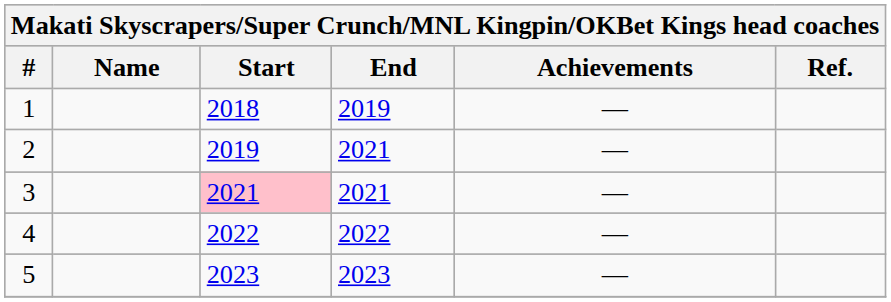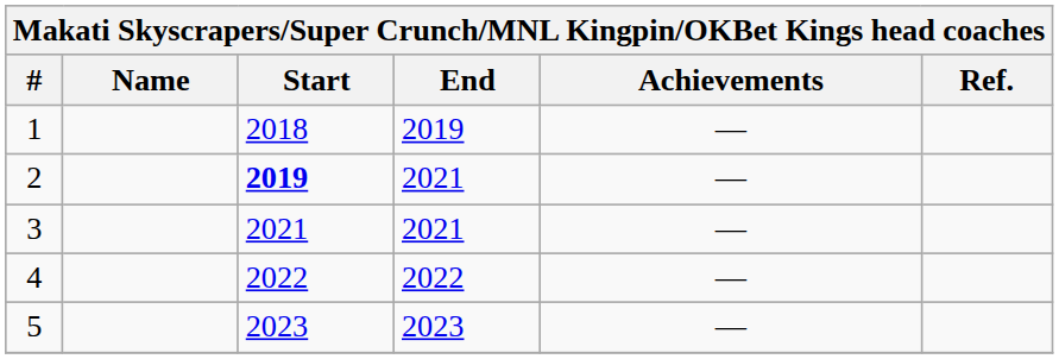 <table class="wikitable sortable">
 <tr>
 <th colspan="6">Makati Skyscrapers/Super Crunch/MNL Kingpin/OKBet Kings head coaches</th>
 </tr>
 <tr>
 <th>#</th>
 <th>Name</th>
 <th>Start</th>
 <th>End</th>
 <th>Achievements</th>
 <th>Ref.</th>
 </tr>
 <tr>
 <td align=center>1</td>
 <td></td>
 <td><a href='#'>2018</a></td>
 <td><a href='#'>2019</a></td>
 <td align=center>—</td>
 <td></td>
 </tr>
 <tr>
 <td align=center>2</td>
 <td></td>
-<td><a href='#'>2019</a></td>
+<td><strong><a href='#'>2019</a></strong></td>
 <td><a href='#'>2021</a></td>
 <td align=center>—</td>
 <td></td>
 </tr>
 <tr>
 <td align=center>3</td>
 <td></td>
-<td style="background: pink;"><a href='#'>2021</a></td>
+<td><a href='#'>2021</a></td>
 <td><a href='#'>2021</a></td>
 <td align=center>—</td>
 <td></td>
 </tr>
 <tr>
 <td align=center>4</td>
 <td></td>
 <td><a href='#'>2022</a></td>
 <td><a href='#'>2022</a></td>
 <td align=center>—</td>
 <td></td>
 </tr>
 <tr>
 <td align=center>5</td>
 <td></td>
 <td><a href='#'>2023</a></td>
 <td><a href='#'>2023</a></td>
 <td align=center>—</td>
 <td></td>
 </tr>
 <tr>
 </tr>
 </table>
